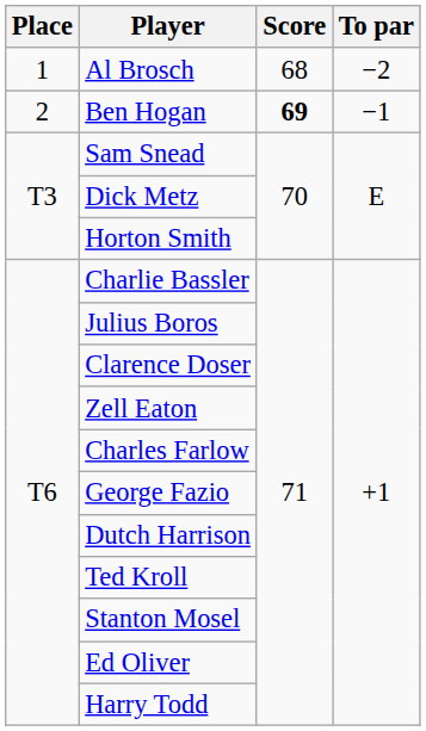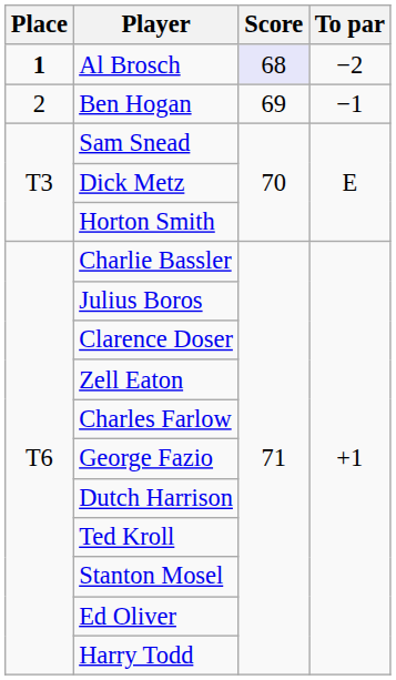 <table class=wikitable>
 <tr>
 <th>Place</th>
 <th>Player</th>
 <th>Score</th>
 <th>To par</th>
 </tr>
 <tr>
-<td align=center>1</td>
+<td align=center><strong>1</strong></td>
 <td> <a href='#'>Al Brosch</a></td>
-<td align=center>68</td>
+<td align=center style="background: lavender;">68</td>
 <td align=center>−2</td>
 </tr>
 <tr>
 <td align=center>2</td>
 <td> <a href='#'>Ben Hogan</a></td>
-<td align=center><strong>69</strong></td>
+<td align=center>69</td>
 <td align=center>−1</td>
 </tr>
 <tr>
 <td rowspan=3 align=center>T3</td>
 <td> <a href='#'>Sam Snead</a></td>
 <td rowspan=3 align=center>70</td>
 <td rowspan=3 align=center>E</td>
 </tr>
 <tr>
 <td> <a href='#'>Dick Metz</a></td>
 </tr>
 <tr>
 <td> <a href='#'>Horton Smith</a></td>
 </tr>
 <tr>
 <td rowspan=11 align=center>T6</td>
 <td> <a href='#'>Charlie Bassler</a></td>
 <td rowspan=11 align=center>71</td>
 <td rowspan=11 align=center>+1</td>
 </tr>
 <tr>
 <td> <a href='#'>Julius Boros</a></td>
 </tr>
 <tr>
 <td> <a href='#'>Clarence Doser</a></td>
 </tr>
 <tr>
 <td> <a href='#'>Zell Eaton</a></td>
 </tr>
 <tr>
 <td> <a href='#'>Charles Farlow</a></td>
 </tr>
 <tr>
 <td> <a href='#'>George Fazio</a></td>
 </tr>
 <tr>
 <td> <a href='#'>Dutch Harrison</a></td>
 </tr>
 <tr>
 <td> <a href='#'>Ted Kroll</a></td>
 </tr>
 <tr>
 <td> <a href='#'>Stanton Mosel</a></td>
 </tr>
 <tr>
 <td> <a href='#'>Ed Oliver</a></td>
 </tr>
 <tr>
 <td> <a href='#'>Harry Todd</a></td>
 </tr>
 </table>
